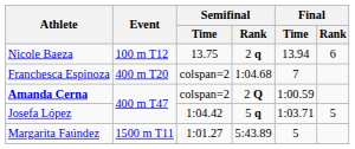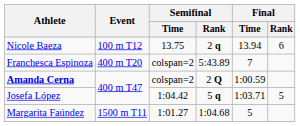 <table class="wikitable" style="font-size:90%">
 <tr>
 <th rowspan="2">Athlete</th>
 <th rowspan="2">Event</th>
 <th colspan="2">Semifinal</th>
 <th colspan="2">Final</th>
 </tr>
 <tr style="font-size:95%">
 <th>Time</th>
 <th>Rank</th>
 <th>Time</th>
 <th>Rank</th>
 </tr>
 <tr align=center>
 <td align=left><a href='#'>Nicole Baeza</a></td>
 <td align=left><a href='#'>100 m T12</a></td>
 <td>13.75</td>
 <td>2 <strong>q</strong></td>
 <td>13.94</td>
 <td>6</td>
 </tr>
 <tr align=center>
 <td align=left><a href='#'>Franchesca Espinoza</a></td>
 <td align=left><a href='#'>400 m T20</a></td>
 <td>colspan=2 </td>
-<td>1:04.68</td>
+<td>5:43.89</td>
 <td>7</td>
 </tr>
 <tr align=center>
 <td align=left><strong><a href='#'>Amanda Cerna</a></strong></td>
 <td align=left rowspan=2><a href='#'>400 m T47</a></td>
 <td>colspan=2 </td>
 <td>2 <strong>Q</strong></td>
 <td>1:00.59</td>
 <td></td>
 </tr>
 <tr align=center>
 <td align=left><a href='#'>Josefa López</a></td>
 <td>1:04.42</td>
 <td>5 <strong>q</strong></td>
 <td>1:03.71</td>
 <td>5</td>
 </tr>
 <tr align=center>
 <td align=left><a href='#'>Margarita Faúndez</a></td>
 <td align=left><a href='#'>1500 m T11</a></td>
 <td>1:01.27</td>
-<td>5:43.89</td>
+<td>1:04.68</td>
 <td>5</td>
 </tr>
 </table>
